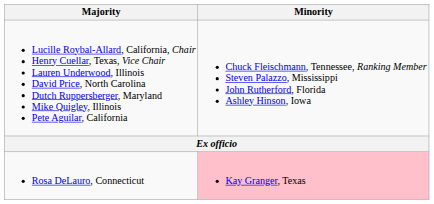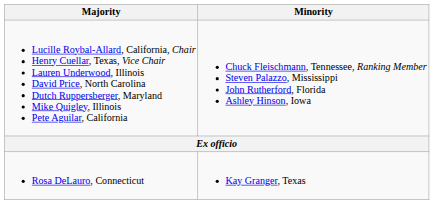 <table class="wikitable">
 <tr>
 <th>Majority</th>
 <th>Minority</th>
 </tr>
 <tr>
 <td><br><ul><li><a href='#'>Lucille Roybal-Allard</a>, California, <em>Chair</em></li><li><a href='#'>Henry Cuellar</a>, Texas, <em>Vice Chair</em></li><li><a href='#'>Lauren Underwood</a>, Illinois</li><li><a href='#'>David Price</a>, North Carolina</li><li><a href='#'>Dutch Ruppersberger</a>, Maryland</li><li><a href='#'>Mike Quigley</a>, Illinois</li><li><a href='#'>Pete Aguilar</a>, California</li></ul></td>
 <td><br><ul><li><a href='#'>Chuck Fleischmann</a>, Tennessee, <em>Ranking Member</em></li><li><a href='#'>Steven Palazzo</a>, Mississippi</li><li><a href='#'>John Rutherford</a>, Florida</li><li><a href='#'>Ashley Hinson</a>, Iowa</li></ul></td>
 </tr>
 <tr>
 <th colspan="2"><em>Ex officio</em></th>
 </tr>
 <tr>
 <td><br><ul><li><a href='#'>Rosa DeLauro</a>, Connecticut</li></ul></td>
-<td style="background: pink;"><br><ul><li><a href='#'>Kay Granger</a>, Texas</li></ul></td>
+<td><br><ul><li><a href='#'>Kay Granger</a>, Texas</li></ul></td>
 </tr>
 </table>
